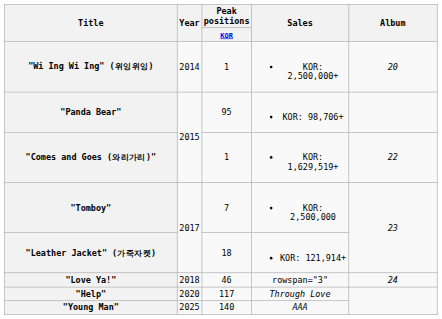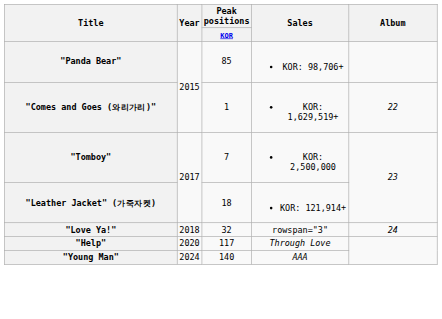 <table class="wikitable plainrowheaders" style="text-align:center;">
 <tr>
 <th scope="col" rowspan="2" style="width:20em;">Title</th>
 <th scope="col" rowspan="2" style="width:2em;">Year</th>
 <th scope="col" colspan="1">Peak <br> positions</th>
 <th scope="col" rowspan="2" style="width:11em;">Sales</th>
 <th scope="col" rowspan="2" style="width:10em;">Album</th>
 </tr>
 <tr>
 <th><small><a href='#'>KOR</a></small><br></th>
 </tr>
 <tr>
-<th scope="row">"Wi Ing Wi Ing" (위잉위잉)</th>
-<td>2014</td>
-<td>1</td>
-<td><br><ul><li>KOR: 2,500,000+</li></ul></td>
-<td><em>20</em></td>
-</tr>
-<tr>
 <th scope="row">"Panda Bear"</th>
 <td rowspan="2">2015</td>
-<td>95</td>
+<td>85</td>
 <td><br><ul><li>KOR: 98,706+</li></ul></td>
 <td></td>
 </tr>
 <tr>
 <th scope="row">"Comes and Goes (와리가리)"</th>
 <td>1</td>
 <td><br><ul><li>KOR: 1,629,519+</li></ul></td>
 <td><em>22</em></td>
 </tr>
 <tr>
 <th scope="row">"Tomboy"</th>
 <td rowspan="2">2017</td>
 <td>7</td>
 <td><br><ul><li>KOR: 2,500,000</li></ul></td>
 <td rowspan="2"><em>23</em></td>
 </tr>
 <tr>
 <th scope="row">"Leather Jacket" (가죽자켓)</th>
 <td>18</td>
 <td><br><ul><li>KOR: 121,914+</li></ul></td>
 </tr>
 <tr>
 <th scope="row">"Love Ya!"</th>
 <td>2018</td>
-<td>46</td>
+<td>32</td>
 <td>rowspan="3" </td>
 <td><em>24</em></td>
 </tr>
 <tr>
 <th scope="row">"Help"</th>
 <td>2020</td>
 <td>117</td>
 <td><em>Through Love</em></td>
 </tr>
 <tr>
 <th scope="row">"Young Man"<br></th>
-<td>2025</td>
+<td>2024</td>
 <td>140</td>
 <td><em>AAA</em></td>
 </tr>
 </table>
